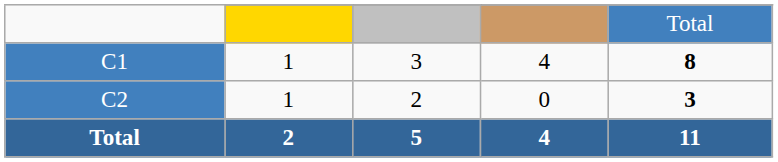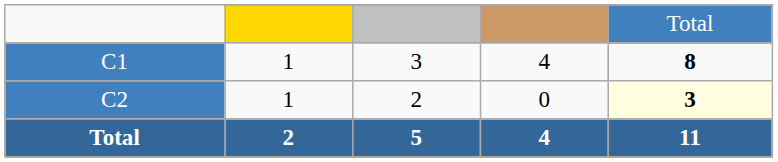 <table class="wikitable"  style="font-size:95%; text-align:center; border:gray solid 1px; width:40%;">
 <tr>
 <td rowspan="2" style="width:3%;"></td>
 </tr>
 <tr>
 <td style="width:2%;" bgcolor=gold></td>
 <td style="width:2%;" bgcolor=silver></td>
 <td style="width:2%;" bgcolor=cc9966></td>
 <td style="width:2%; background-color:#4180be; color:white;">Total</td>
 </tr>
 <tr>
 <td style="background-color:#4180be; color:white;">C1</td>
 <td>1</td>
 <td>3</td>
 <td>4</td>
 <td><strong>8</strong></td>
 </tr>
 <tr>
 <td style="background-color:#4180be; color:white;">C2</td>
 <td>1</td>
 <td>2</td>
 <td>0</td>
-<td><strong>3</strong></td>
+<td style="background: lightyellow;"><strong>3</strong></td>
 </tr>
 <tr style="background:#369; color:white;">
 <td><strong>Total</strong></td>
 <td><strong>2</strong></td>
 <td><strong>5</strong></td>
 <td><strong>4</strong></td>
 <td><strong>11</strong></td>
 </tr>
 </table>
